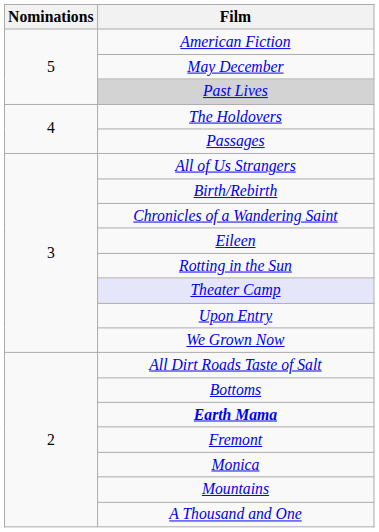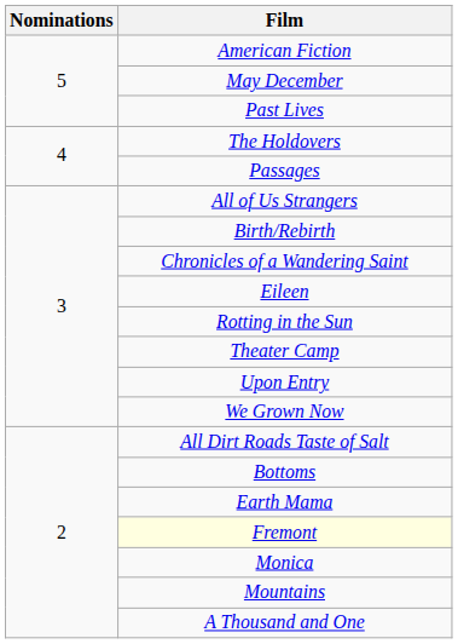 <table class="wikitable" rowspan=2 border=2 style="text-align:center;">
 <tr>
 <th scope="col" width="50">Nominations</th>
 <th scope="col" width="275">Film</th>
 </tr>
 <tr>
 <td rowspan="3">5</td>
 <td><em><a href='#'>American Fiction</a></em></td>
 </tr>
 <tr>
 <td><em><a href='#'>May December</a></em></td>
 </tr>
 <tr>
-<td style="background: lightgrey;"><em><a href='#'>Past Lives</a></em></td>
+<td><em><a href='#'>Past Lives</a></em></td>
 </tr>
 <tr>
 <td rowspan="2">4</td>
 <td><em><a href='#'>The Holdovers</a></em></td>
 </tr>
 <tr>
 <td><em><a href='#'>Passages</a></em></td>
 </tr>
 <tr>
 <td rowspan="8">3</td>
 <td><em><a href='#'>All of Us Strangers</a></em></td>
 </tr>
 <tr>
 <td><em><a href='#'>Birth/Rebirth</a></em></td>
 </tr>
 <tr>
 <td><em><a href='#'>Chronicles of a Wandering Saint</a></em></td>
 </tr>
 <tr>
 <td><em><a href='#'>Eileen</a></em></td>
 </tr>
 <tr>
 <td><em><a href='#'>Rotting in the Sun</a></em></td>
 </tr>
 <tr>
-<td style="background: lavender;"><em><a href='#'>Theater Camp</a></em></td>
+<td><em><a href='#'>Theater Camp</a></em></td>
 </tr>
 <tr>
 <td><em><a href='#'>Upon Entry</a></em></td>
 </tr>
 <tr>
 <td><em><a href='#'>We Grown Now</a></em></td>
 </tr>
 <tr>
 <td rowspan="7">2</td>
 <td><em><a href='#'>All Dirt Roads Taste of Salt</a></em></td>
 </tr>
 <tr>
 <td><em><a href='#'>Bottoms</a></em></td>
 </tr>
 <tr>
-<td><strong><em><a href='#'>Earth Mama</a></em></strong></td>
+<td><em><a href='#'>Earth Mama</a></em></td>
 </tr>
 <tr>
-<td><em><a href='#'>Fremont</a></em></td>
+<td style="background: lightyellow;"><em><a href='#'>Fremont</a></em></td>
 </tr>
 <tr>
 <td><em><a href='#'>Monica</a></em></td>
 </tr>
 <tr>
 <td><em><a href='#'>Mountains</a></em></td>
 </tr>
 <tr>
 <td><em><a href='#'>A Thousand and One</a></em></td>
 </tr>
 </table>
